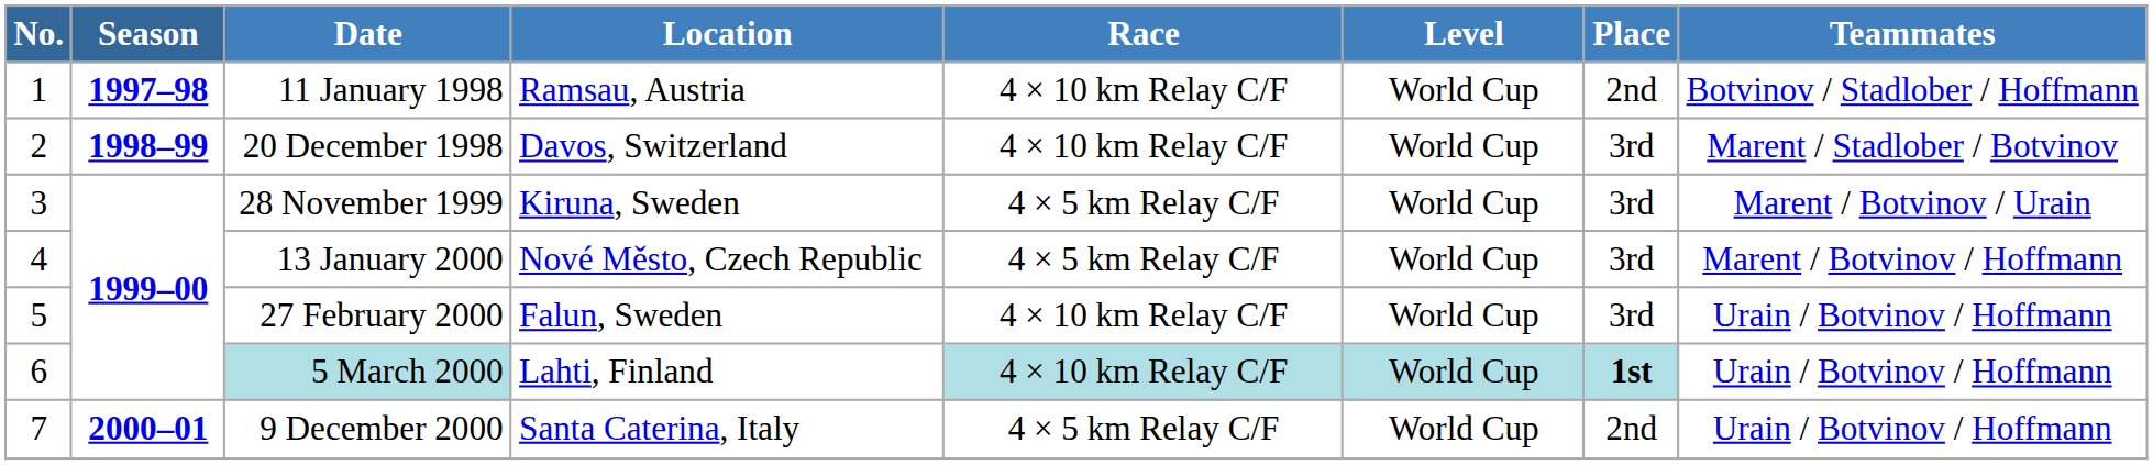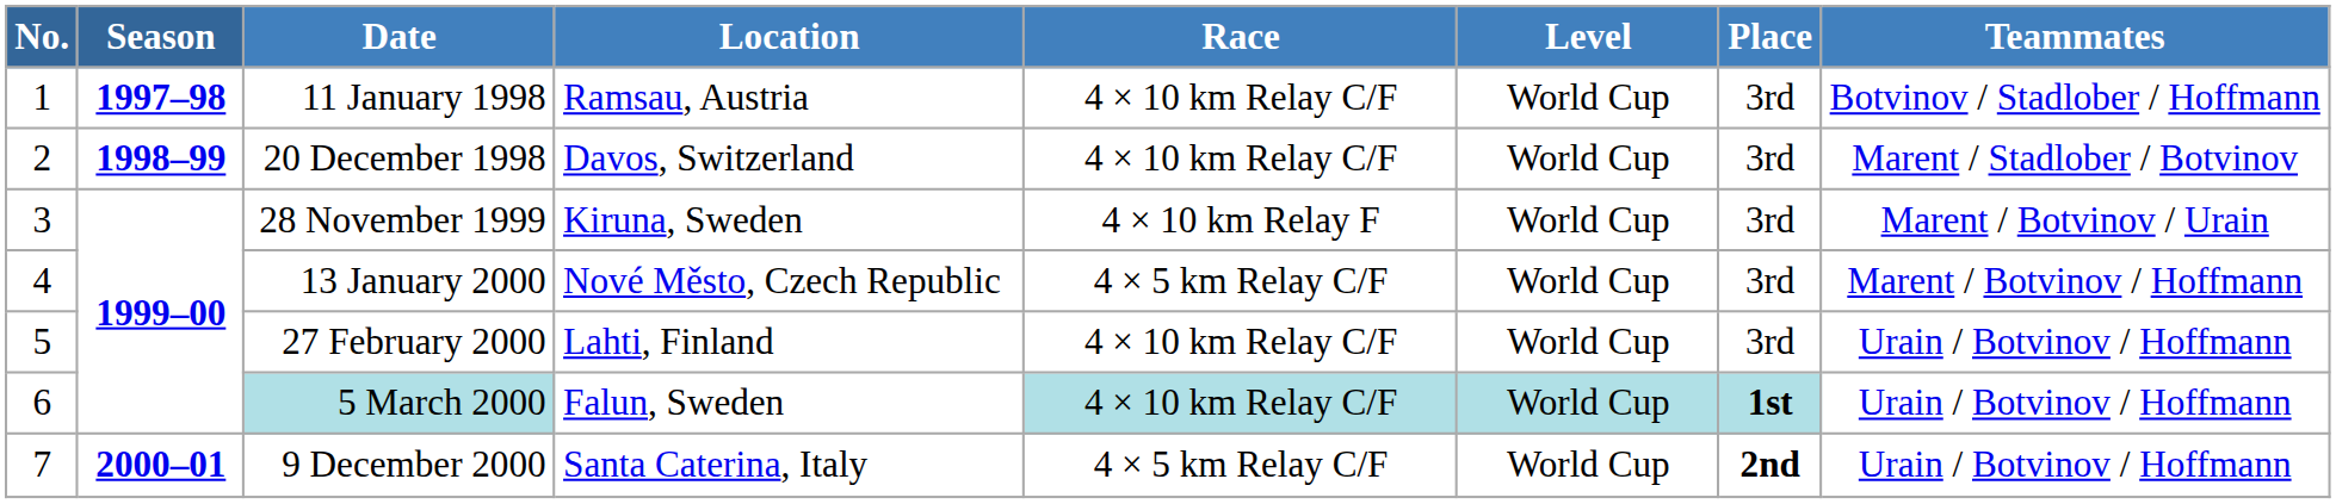 <table class="wikitable sortable" style="font-size:95%; text-align:center; border:grey solid 1px; border-collapse:collapse; background:#ffffff;">
 <tr style="background:#efefef;">
 <th style="background-color:#369; color:white;">No.</th>
 <th style="background-color:#369; color:white;">Season</th>
 <th style="background-color:#4180be; color:white; width:120px;">Date</th>
 <th style="background-color:#4180be; color:white; width:185px;">Location</th>
 <th style="background-color:#4180be; color:white; width:170px;">Race</th>
 <th style="background-color:#4180be; color:white; width:100px;">Level</th>
 <th style="background-color:#4180be; color:white;">Place</th>
 <th style="background-color:#4180be; color:white;">Teammates</th>
 </tr>
 <tr>
 <td align=center>1</td>
 <td rowspan=1 align=center><strong> <a href='#'>1997–98</a> </strong></td>
 <td align=right>11 January 1998</td>
 <td align=left> <a href='#'>Ramsau</a>, Austria</td>
 <td>4 × 10 km Relay C/F</td>
 <td>World Cup</td>
-<td>2nd</td>
+<td>3rd</td>
 <td><a href='#'>Botvinov</a> / <a href='#'>Stadlober</a> / <a href='#'>Hoffmann</a></td>
 </tr>
 <tr>
 <td align=center>2</td>
 <td rowspan=1 align=center><strong> <a href='#'>1998–99</a> </strong></td>
 <td align=right>20 December 1998</td>
 <td align=left> <a href='#'>Davos</a>, Switzerland</td>
 <td>4 × 10 km Relay C/F</td>
 <td>World Cup</td>
 <td>3rd</td>
 <td><a href='#'>Marent</a> / <a href='#'>Stadlober</a> / <a href='#'>Botvinov</a></td>
 </tr>
 <tr>
 <td align=center>3</td>
 <td rowspan=4 align=center><strong> <a href='#'>1999–00</a> </strong></td>
 <td align=right>28 November 1999</td>
 <td align=left> <a href='#'>Kiruna</a>, Sweden</td>
-<td>4 × 5 km Relay C/F</td>
+<td>4 × 10 km Relay F</td>
 <td>World Cup</td>
 <td>3rd</td>
 <td><a href='#'>Marent</a> / <a href='#'>Botvinov</a> / <a href='#'>Urain</a></td>
 </tr>
 <tr>
 <td align=center>4</td>
 <td align=right>13 January 2000</td>
 <td align=left> <a href='#'>Nové Město</a>, Czech Republic</td>
 <td>4 × 5 km Relay C/F</td>
 <td>World Cup</td>
 <td>3rd</td>
 <td><a href='#'>Marent</a> / <a href='#'>Botvinov</a> / <a href='#'>Hoffmann</a></td>
 </tr>
 <tr>
 <td align=center>5</td>
 <td align=right>27 February 2000</td>
-<td align=left> <a href='#'>Falun</a>, Sweden</td>
+<td align=left> <a href='#'>Lahti</a>, Finland</td>
 <td>4 × 10 km Relay C/F</td>
 <td>World Cup</td>
 <td>3rd</td>
 <td><a href='#'>Urain</a> / <a href='#'>Botvinov</a> / <a href='#'>Hoffmann</a></td>
 </tr>
 <tr>
 <td align=center>6</td>
 <td bgcolor="#BOEOE6" align=right>5 March 2000</td>
-<td align=left> <a href='#'>Lahti</a>, Finland</td>
+<td align=left> <a href='#'>Falun</a>, Sweden</td>
 <td bgcolor="#BOEOE6">4 × 10 km Relay C/F</td>
 <td bgcolor="#BOEOE6">World Cup</td>
 <td bgcolor="#BOEOE6"><strong>1st</strong></td>
 <td><a href='#'>Urain</a> / <a href='#'>Botvinov</a> / <a href='#'>Hoffmann</a></td>
 </tr>
 <tr>
 <td align=center>7</td>
 <td rowspan=1 align=center><strong> <a href='#'>2000–01</a> </strong></td>
 <td align=right>9 December 2000</td>
 <td align=left> <a href='#'>Santa Caterina</a>, Italy</td>
 <td>4 × 5 km Relay C/F</td>
 <td>World Cup</td>
-<td>2nd</td>
+<td><strong>2nd</strong></td>
 <td><a href='#'>Urain</a> / <a href='#'>Botvinov</a> / <a href='#'>Hoffmann</a></td>
 </tr>
 </table>
